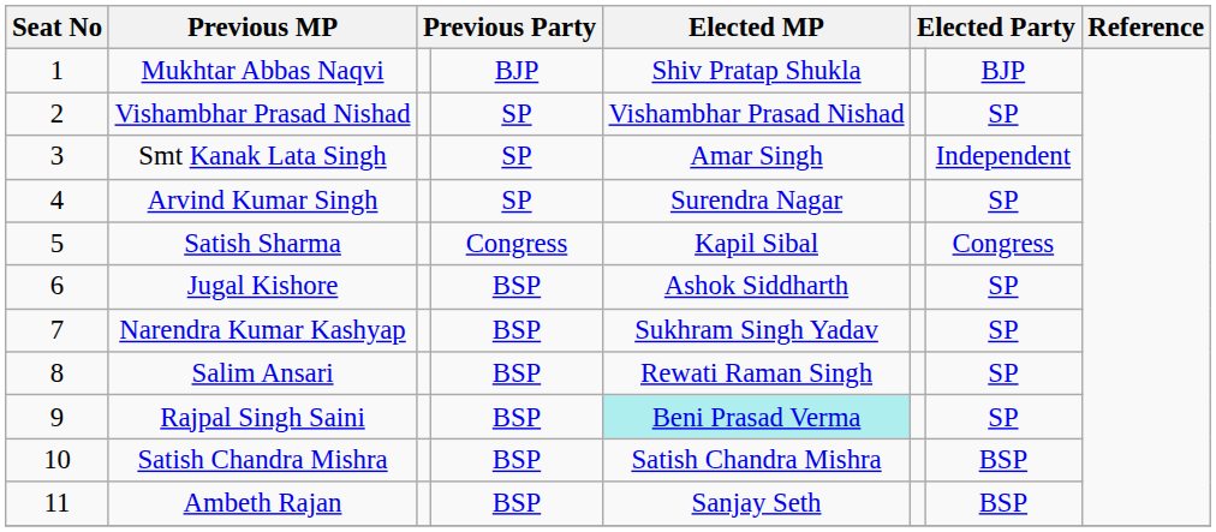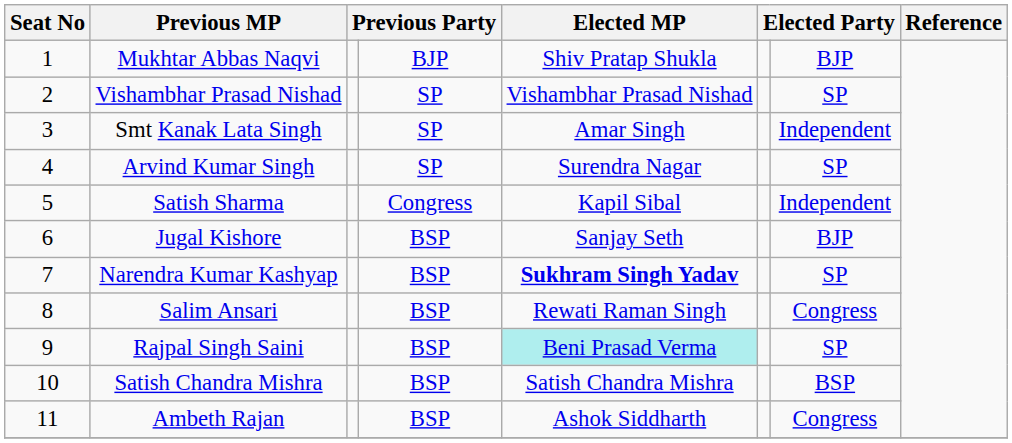 <table class="wikitable">
 <tr>
 <th>Seat No</th>
 <th>Previous MP</th>
 <th colspan=2>Previous Party</th>
 <th>Elected MP</th>
 <th colspan=2>Elected Party</th>
 <th>Reference</th>
 </tr>
 <tr style="text-align:center;">
 <td>1</td>
 <td><a href='#'>Mukhtar Abbas Naqvi</a></td>
 <td width="1px"></td>
 <td><a href='#'>BJP</a></td>
 <td><a href='#'>Shiv Pratap Shukla</a></td>
 <td width="1px"></td>
 <td><a href='#'>BJP</a></td>
 <td rowspan=11></td>
 </tr>
 <tr style="text-align:center;">
 <td>2</td>
 <td><a href='#'>Vishambhar Prasad Nishad</a></td>
 <td width="1px"></td>
 <td><a href='#'>SP</a></td>
 <td><a href='#'>Vishambhar Prasad Nishad</a></td>
 <td width="1px"></td>
 <td><a href='#'>SP</a></td>
 </tr>
 <tr style="text-align:center;">
 <td>3</td>
 <td>Smt <a href='#'>Kanak Lata Singh</a></td>
 <td width="1px"></td>
 <td><a href='#'>SP</a></td>
 <td><a href='#'>Amar Singh</a></td>
 <td width="1px"></td>
 <td><a href='#'>Independent</a></td>
 </tr>
 <tr style="text-align:center;">
 <td>4</td>
 <td><a href='#'>Arvind Kumar Singh</a></td>
 <td width="1px"></td>
 <td><a href='#'>SP</a></td>
 <td><a href='#'>Surendra Nagar</a></td>
 <td width="1px"></td>
 <td><a href='#'>SP</a></td>
 </tr>
 <tr style="text-align:center;">
 <td>5</td>
 <td><a href='#'>Satish Sharma</a></td>
 <td width="1px"></td>
 <td><a href='#'>Congress</a></td>
 <td><a href='#'>Kapil Sibal</a></td>
 <td width="1px"></td>
-<td><a href='#'>Congress</a></td>
+<td><a href='#'>Independent</a></td>
 </tr>
 <tr style="text-align:center;">
 <td>6</td>
 <td><a href='#'>Jugal Kishore</a></td>
 <td width="1px"></td>
 <td><a href='#'>BSP</a></td>
-<td><a href='#'>Ashok Siddharth</a></td>
+<td><a href='#'>Sanjay Seth</a></td>
 <td width="1px"></td>
-<td><a href='#'>SP</a></td>
+<td><a href='#'>BJP</a></td>
 </tr>
 <tr style="text-align:center;">
 <td>7</td>
 <td><a href='#'>Narendra Kumar Kashyap</a></td>
 <td width="1px"></td>
 <td><a href='#'>BSP</a></td>
-<td><a href='#'>Sukhram Singh Yadav</a></td>
+<td><strong><a href='#'>Sukhram Singh Yadav</a></strong></td>
 <td width="1px"></td>
 <td><a href='#'>SP</a></td>
 </tr>
 <tr style="text-align:center;">
 <td>8</td>
 <td><a href='#'>Salim Ansari</a></td>
 <td width="1px"></td>
 <td><a href='#'>BSP</a></td>
 <td><a href='#'>Rewati Raman Singh</a></td>
 <td width="1px"></td>
-<td><a href='#'>SP</a></td>
+<td><a href='#'>Congress</a></td>
 </tr>
 <tr style="text-align:center;">
 <td>9</td>
 <td><a href='#'>Rajpal Singh Saini</a></td>
 <td width="1px"></td>
 <td><a href='#'>BSP</a></td>
 <td style="background: paleturquoise;"><a href='#'>Beni Prasad Verma</a></td>
 <td width="1px"></td>
 <td><a href='#'>SP</a></td>
 </tr>
 <tr style="text-align:center;">
 <td>10</td>
 <td><a href='#'>Satish Chandra Mishra</a></td>
 <td width="1px"></td>
 <td><a href='#'>BSP</a></td>
 <td><a href='#'>Satish Chandra Mishra</a></td>
 <td width="1px"></td>
 <td><a href='#'>BSP</a></td>
 </tr>
 <tr style="text-align:center;">
 <td>11</td>
 <td><a href='#'>Ambeth Rajan</a></td>
 <td width="1px"></td>
 <td><a href='#'>BSP</a></td>
-<td><a href='#'>Sanjay Seth</a></td>
+<td><a href='#'>Ashok Siddharth</a></td>
 <td width="1px"></td>
-<td><a href='#'>BSP</a></td>
+<td><a href='#'>Congress</a></td>
 </tr>
 <tr>
 </tr>
 </table>
